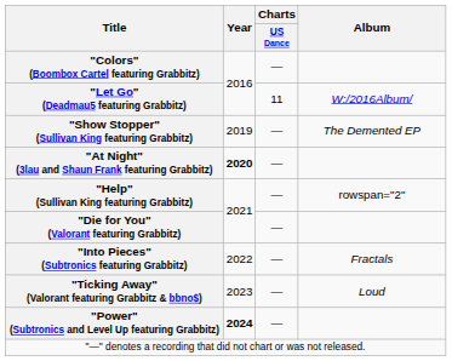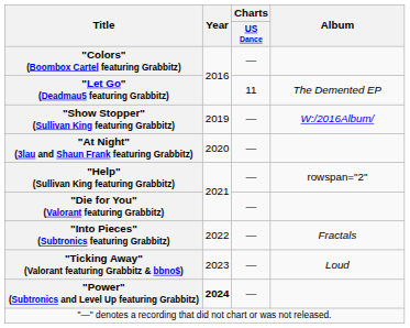 <table class="wikitable plainrowheaders" style="text-align:center;">
 <tr>
 <th scope="col" rowspan="2" style="width:18em;">Title</th>
 <th scope="col" rowspan="2" style="width:1em;">Year</th>
 <th scope="col" colspan="1">Charts</th>
 <th scope="col" rowspan="2" style="width:12em;">Album</th>
 </tr>
 <tr>
 <th scope="col" style="width:3em;font-size:85%;"><a href='#'>US<br><small>Dance</small></a><br></th>
 </tr>
 <tr>
 <th scope="row">"Colors"<br><small>(<a href='#'>Boombox Cartel</a> featuring Grabbitz)</small></th>
 <td rowspan="2">2016</td>
 <td>—</td>
 <td></td>
 </tr>
 <tr>
 <th scope="row">"<a href='#'>Let Go</a>"<br><small>(<a href='#'>Deadmau5</a> featuring Grabbitz)</small></th>
 <td>11</td>
-<td><em><a href='#'>W:/2016Album/</a></em></td>
+<td><em>The Demented EP</em></td>
 </tr>
 <tr>
 <th scope="row">"Show Stopper"<br><small>(<a href='#'>Sullivan King</a> featuring Grabbitz)</small></th>
 <td>2019</td>
 <td>—</td>
-<td><em>The Demented EP</em></td>
+<td><em><a href='#'>W:/2016Album/</a></em></td>
 </tr>
 <tr>
 <th scope="row">"At Night"<br><small>(<a href='#'>3lau</a> and <a href='#'>Shaun Frank</a> featuring Grabbitz)</small></th>
-<td><strong>2020</strong></td>
+<td>2020</td>
 <td>—</td>
 <td></td>
 </tr>
 <tr>
 <th scope="row">"Help"<br><small>(Sullivan King featuring Grabbitz)</small></th>
 <td rowspan="2">2021</td>
 <td>—</td>
 <td>rowspan="2" </td>
 </tr>
 <tr>
 <th scope="row">"Die for You"<br><small>(<a href='#'>Valorant</a> featuring Grabbitz)</small></th>
 <td>—</td>
 <td></td>
 </tr>
 <tr>
 <th scope="row">"Into Pieces"<br><small>(<a href='#'>Subtronics</a> featuring Grabbitz)</small></th>
 <td>2022</td>
 <td>—</td>
 <td><em>Fractals</em></td>
 </tr>
 <tr>
 <th scope="row">"Ticking Away"<br><small>(Valorant featuring Grabbitz & <a href='#'>bbno$</a>)</small></th>
 <td>2023</td>
 <td>—</td>
 <td><em>Loud</em></td>
 </tr>
 <tr>
 <th scope="row">"Power"<br><small>(<a href='#'>Subtronics</a> and Level Up featuring Grabbitz)</small></th>
 <td><strong>2024</strong></td>
 <td>—</td>
 </tr>
 <tr>
 <td colspan="4" style="font-size:85%">"—" denotes a recording that did not chart or was not released.</td>
 </tr>
 </table>
